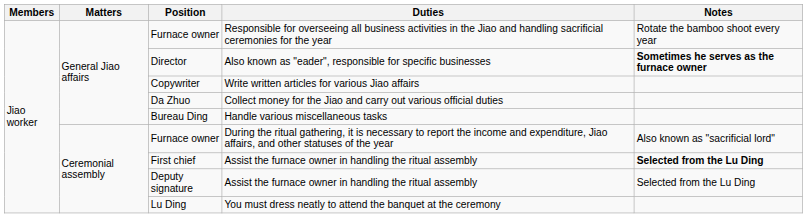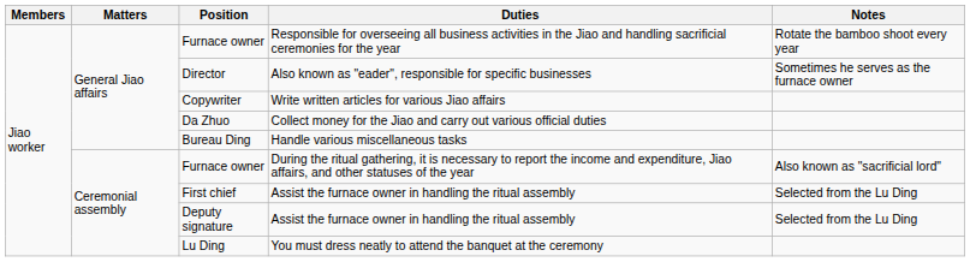 <table class="wikitable">
 <tr>
 <th>Members</th>
 <th>Matters</th>
 <th>Position</th>
 <th>Duties</th>
 <th>Notes</th>
 </tr>
 <tr>
 <td rowspan="9">Jiao worker</td>
 <td rowspan="5">General Jiao affairs</td>
 <td>Furnace owner</td>
 <td>Responsible for overseeing all business activities in the Jiao and handling sacrificial ceremonies for the year</td>
 <td>Rotate the bamboo shoot every year</td>
 </tr>
 <tr>
 <td>Director</td>
 <td>Also known as "eader", responsible for specific businesses</td>
-<td><strong>Sometimes he serves as the furnace owner</strong></td>
+<td>Sometimes he serves as the furnace owner</td>
 </tr>
 <tr>
 <td>Copywriter</td>
 <td>Write written articles for various Jiao affairs</td>
 <td></td>
 </tr>
 <tr>
 <td>Da Zhuo</td>
 <td>Collect money for the Jiao and carry out various official duties</td>
 <td></td>
 </tr>
 <tr>
 <td>Bureau Ding</td>
 <td>Handle various miscellaneous tasks</td>
 <td></td>
 </tr>
 <tr>
 <td rowspan="4">Ceremonial assembly</td>
 <td>Furnace owner</td>
 <td>During the ritual gathering, it is necessary to report the income and expenditure, Jiao affairs, and other statuses of the year</td>
 <td>Also known as "sacrificial lord"</td>
 </tr>
 <tr>
 <td>First chief</td>
 <td>Assist the furnace owner in handling the ritual assembly</td>
-<td><strong>Selected from the Lu Ding</strong></td>
+<td>Selected from the Lu Ding</td>
 </tr>
 <tr>
 <td>Deputy signature</td>
 <td>Assist the furnace owner in handling the ritual assembly</td>
 <td>Selected from the Lu Ding</td>
 </tr>
 <tr>
 <td>Lu Ding</td>
 <td>You must dress neatly to attend the banquet at the ceremony</td>
 <td></td>
 </tr>
 </table>
